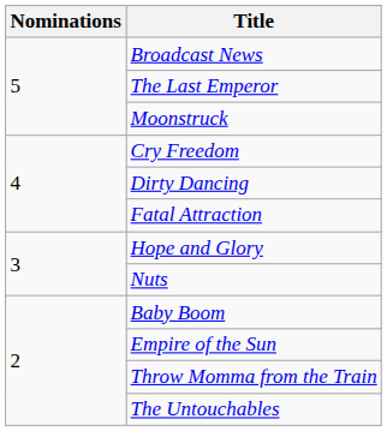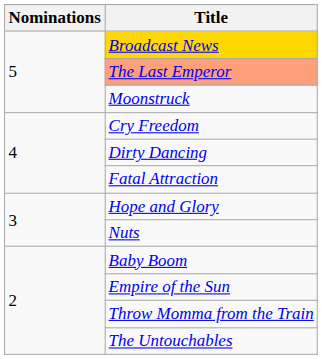 <table class="wikitable">
 <tr>
 <th>Nominations</th>
 <th>Title</th>
 </tr>
 <tr>
 <td rowspan="3">5</td>
-<td><em><a href='#'>Broadcast News</a></em></td>
+<td style="background: gold;"><em><a href='#'>Broadcast News</a></em></td>
 </tr>
 <tr>
-<td><em><a href='#'>The Last Emperor</a></em></td>
+<td style="background: lightsalmon;"><em><a href='#'>The Last Emperor</a></em></td>
 </tr>
 <tr>
 <td><em><a href='#'>Moonstruck</a></em></td>
 </tr>
 <tr>
 <td rowspan="3">4</td>
 <td><em><a href='#'>Cry Freedom</a></em></td>
 </tr>
 <tr>
 <td><em><a href='#'>Dirty Dancing</a></em></td>
 </tr>
 <tr>
 <td><em><a href='#'>Fatal Attraction</a></em></td>
 </tr>
 <tr>
 <td rowspan="2">3</td>
 <td><em><a href='#'>Hope and Glory</a></em></td>
 </tr>
 <tr>
 <td><em><a href='#'>Nuts</a></em></td>
 </tr>
 <tr>
 <td rowspan="4">2</td>
 <td><em><a href='#'>Baby Boom</a></em></td>
 </tr>
 <tr>
 <td><em><a href='#'>Empire of the Sun</a></em></td>
 </tr>
 <tr>
 <td><em><a href='#'>Throw Momma from the Train</a></em></td>
 </tr>
 <tr>
 <td><em><a href='#'>The Untouchables</a></em></td>
 </tr>
 </table>
